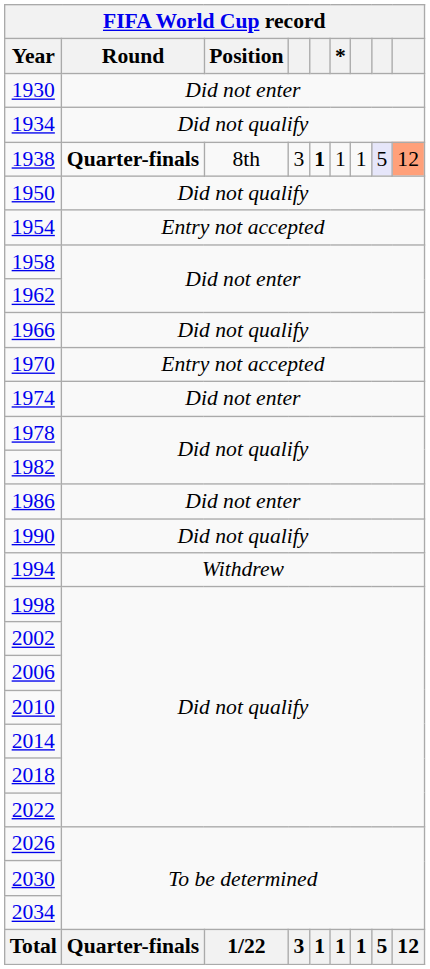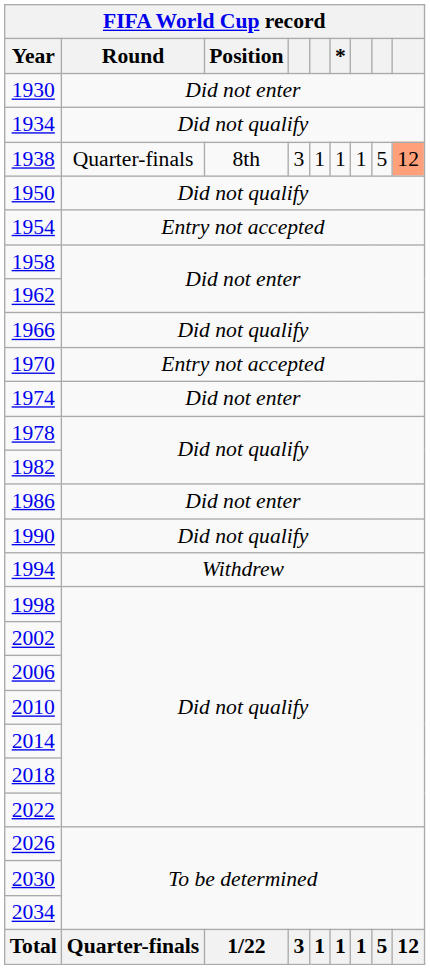 <table class="wikitable" style="text-align: center;">
 <tr>
 <th colspan=9><a href='#'>FIFA World Cup</a> record</th>
 </tr>
 <tr>
 <th>Year</th>
 <th>Round</th>
 <th>Position</th>
 <th></th>
 <th></th>
 <th>*</th>
 <th></th>
 <th></th>
 <th></th>
 </tr>
 <tr>
 <td> <a href='#'>1930</a></td>
 <td rowspan=1 colspan=8><em>Did not enter</em></td>
 </tr>
 <tr>
 <td> <a href='#'>1934</a></td>
 <td rowspan=1 colspan=8><em>Did not qualify</em></td>
 </tr>
 <tr>
 <td> <a href='#'>1938</a></td>
-<td><strong>Quarter-finals</strong></td>
+<td>Quarter-finals</td>
 <td>8th</td>
 <td>3</td>
-<td><strong>1</strong></td>
 <td>1</td>
 <td>1</td>
-<td style="background: lavender;">5</td>
+<td>1</td>
+<td>5</td>
 <td style="background: lightsalmon;">12</td>
 </tr>
 <tr>
 <td> <a href='#'>1950</a></td>
 <td rowspan=1 colspan=8><em>Did not qualify</em></td>
 </tr>
 <tr>
 <td> <a href='#'>1954</a></td>
 <td rowspan=1 colspan=8><em>Entry not accepted</em></td>
 </tr>
 <tr>
 <td> <a href='#'>1958</a></td>
 <td rowspan=2 colspan=8><em>Did not enter</em></td>
 </tr>
 <tr>
 <td> <a href='#'>1962</a></td>
 </tr>
 <tr>
 <td> <a href='#'>1966</a></td>
 <td rowspan=1 colspan=8><em>Did not qualify</em></td>
 </tr>
 <tr>
 <td> <a href='#'>1970</a></td>
 <td rowspan=1 colspan=8><em>Entry not accepted</em></td>
 </tr>
 <tr>
 <td> <a href='#'>1974</a></td>
 <td rowspan=1 colspan=8><em>Did not enter</em></td>
 </tr>
 <tr>
 <td> <a href='#'>1978</a></td>
 <td rowspan=2 colspan=8><em>Did not qualify</em></td>
 </tr>
 <tr>
 <td> <a href='#'>1982</a></td>
 </tr>
 <tr>
 <td> <a href='#'>1986</a></td>
 <td rowspan=1 colspan=8><em>Did not enter</em></td>
 </tr>
 <tr>
 <td> <a href='#'>1990</a></td>
 <td rowspan=1 colspan=8><em>Did not qualify</em></td>
 </tr>
 <tr>
 <td> <a href='#'>1994</a></td>
 <td rowspan=1 colspan=8><em>Withdrew</em></td>
 </tr>
 <tr>
 <td> <a href='#'>1998</a></td>
 <td rowspan=7 colspan=8><em>Did not qualify</em></td>
 </tr>
 <tr>
 <td>  <a href='#'>2002</a></td>
 </tr>
 <tr>
 <td> <a href='#'>2006</a></td>
 </tr>
 <tr>
 <td> <a href='#'>2010</a></td>
 </tr>
 <tr>
 <td> <a href='#'>2014</a></td>
 </tr>
 <tr>
 <td> <a href='#'>2018</a></td>
 </tr>
 <tr>
 <td> <a href='#'>2022</a></td>
 </tr>
 <tr>
 <td>   <a href='#'>2026</a></td>
 <td colspan=8 rowspan=3><em>To be determined</em></td>
 </tr>
 <tr>
 <td>   <a href='#'>2030</a></td>
 </tr>
 <tr>
 <td> <a href='#'>2034</a></td>
 </tr>
 <tr>
 <th><strong>Total</strong></th>
 <th>Quarter-finals</th>
 <th>1/22</th>
 <th>3</th>
 <th>1</th>
 <th>1</th>
 <th>1</th>
 <th>5</th>
 <th>12</th>
 </tr>
 </table>
